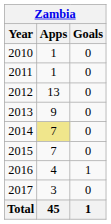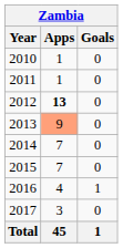 <table class="wikitable" style="text-align:center">
 <tr>
 <th colspan=3><a href='#'>Zambia</a></th>
 </tr>
 <tr>
 <th>Year</th>
 <th>Apps</th>
 <th>Goals</th>
 </tr>
 <tr>
 <td>2010</td>
 <td>1</td>
 <td>0</td>
 </tr>
 <tr>
 <td>2011</td>
 <td>1</td>
 <td>0</td>
 </tr>
 <tr>
 <td>2012</td>
-<td>13</td>
+<td><strong>13</strong></td>
 <td>0</td>
 </tr>
 <tr>
 <td>2013</td>
-<td>9</td>
+<td style="background: lightsalmon;">9</td>
 <td>0</td>
 </tr>
 <tr>
 <td>2014</td>
-<td style="background: khaki;">7</td>
+<td>7</td>
 <td>0</td>
 </tr>
 <tr>
 <td>2015</td>
 <td>7</td>
 <td>0</td>
 </tr>
 <tr>
 <td>2016</td>
 <td>4</td>
 <td>1</td>
 </tr>
 <tr>
 <td>2017</td>
 <td>3</td>
 <td>0</td>
 </tr>
 <tr>
 <th>Total</th>
 <th>45</th>
 <th>1</th>
 </tr>
 </table>
